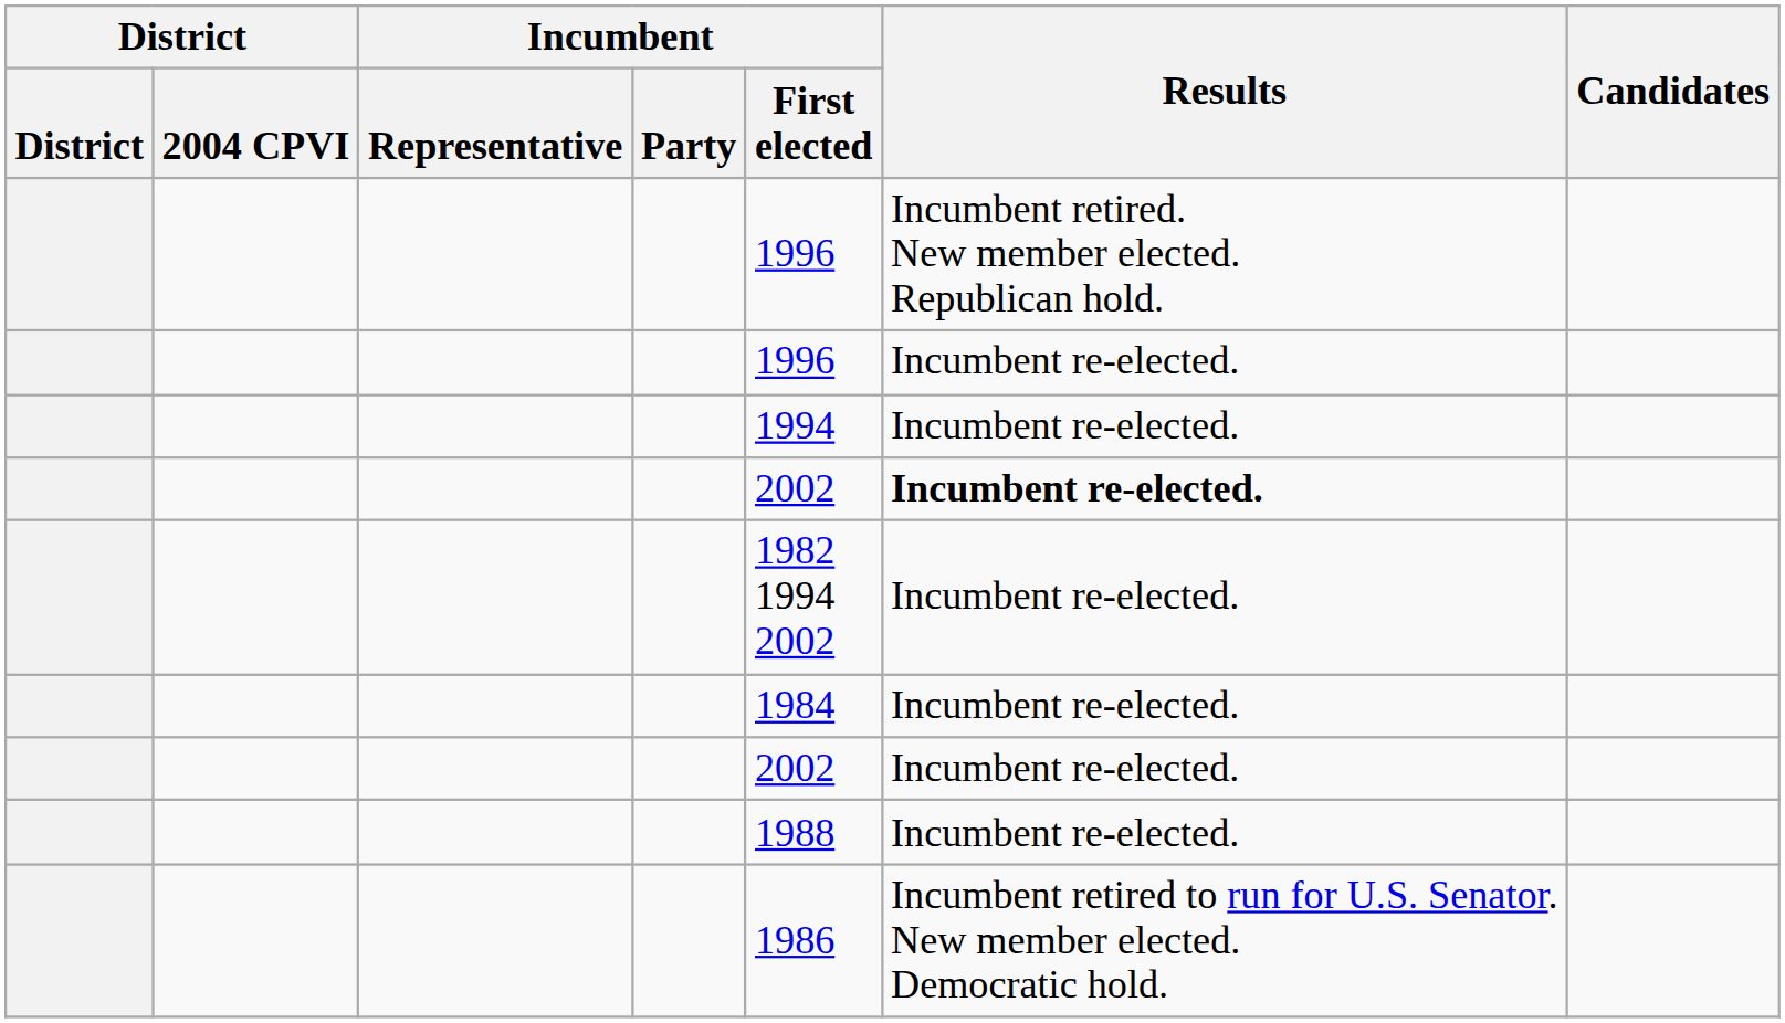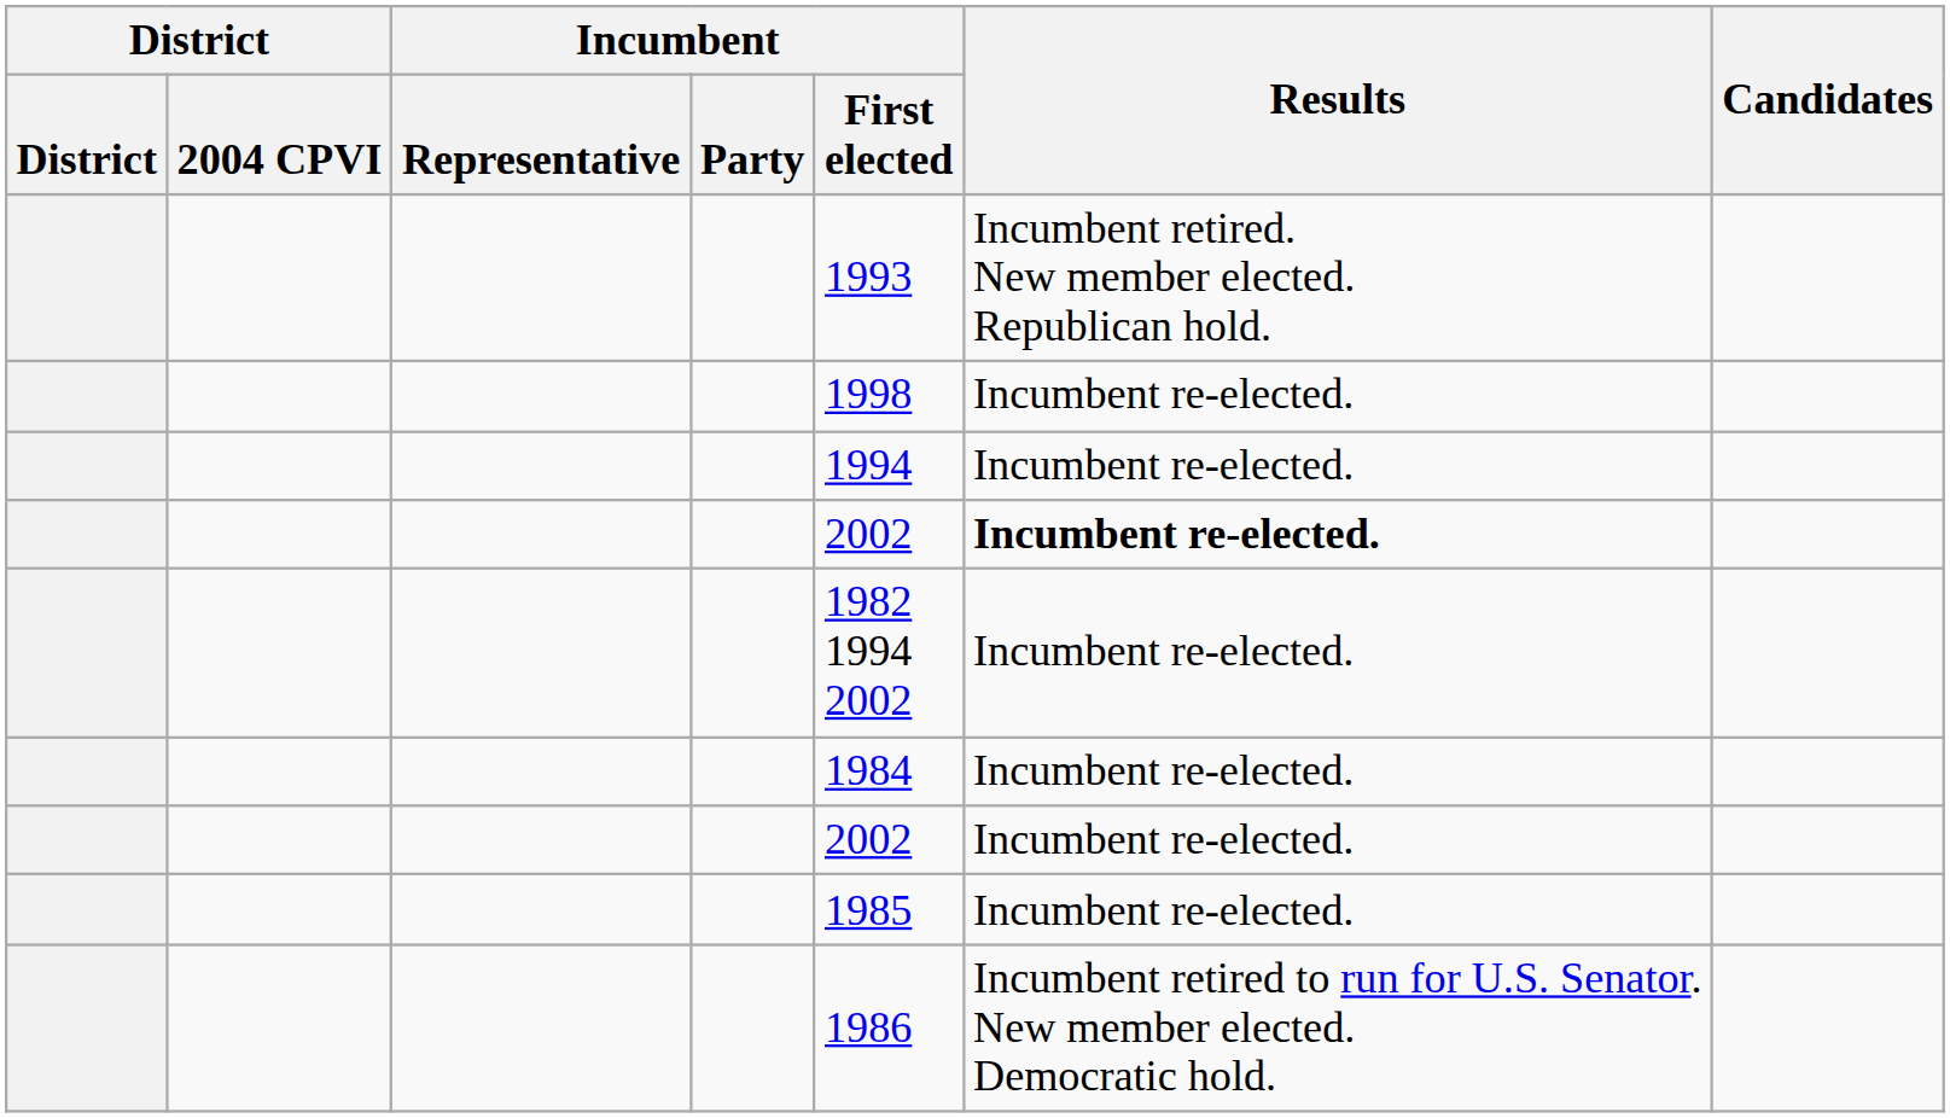 <table class="wikitable sortable">
 <tr>
 <th colspan=2>District</th>
 <th colspan=3>Incumbent</th>
 <th rowspan=2>Results</th>
 <th rowspan=2>Candidates</th>
 </tr>
 <tr valign=bottom>
 <th>District</th>
 <th>2004 CPVI</th>
 <th>Representative</th>
 <th>Party</th>
 <th>First<br>elected</th>
 </tr>
 <tr>
 <th></th>
 <td></td>
 <td></td>
 <td></td>
-<td><a href='#'>1996</a></td>
+<td><a href='#'>1993</a></td>
 <td>Incumbent retired.<br>New member elected.<br>Republican hold.</td>
 <td nowrap><br></td>
 </tr>
 <tr>
 <th></th>
 <td></td>
 <td></td>
 <td></td>
-<td><a href='#'>1996</a></td>
+<td><a href='#'>1998</a></td>
 <td>Incumbent re-elected.</td>
 <td nowrap></td>
 </tr>
 <tr>
 <th></th>
 <td></td>
 <td></td>
 <td></td>
 <td><a href='#'>1994</a></td>
 <td>Incumbent re-elected.</td>
 <td nowrap></td>
 </tr>
 <tr>
 <th></th>
 <td></td>
 <td></td>
 <td></td>
 <td><a href='#'>2002</a></td>
 <td><strong>Incumbent re-elected.</strong></td>
 <td nowrap></td>
 </tr>
 <tr>
 <th></th>
 <td></td>
 <td></td>
 <td></td>
 <td><a href='#'>1982</a><br>1994 <br><a href='#'>2002</a></td>
 <td>Incumbent re-elected.</td>
 <td nowrap></td>
 </tr>
 <tr>
 <th></th>
 <td></td>
 <td></td>
 <td></td>
 <td><a href='#'>1984</a></td>
 <td>Incumbent re-elected.</td>
 <td nowrap></td>
 </tr>
 <tr>
 <th></th>
 <td></td>
 <td></td>
 <td></td>
 <td><a href='#'>2002</a></td>
 <td>Incumbent re-elected.</td>
 <td nowrap><br></td>
 </tr>
 <tr>
 <th></th>
 <td></td>
 <td></td>
 <td></td>
-<td><a href='#'>1988</a></td>
+<td><a href='#'>1985</a></td>
 <td>Incumbent re-elected.</td>
 <td nowrap></td>
 </tr>
 <tr>
 <th></th>
 <td></td>
 <td></td>
 <td></td>
 <td><a href='#'>1986</a></td>
 <td>Incumbent retired to <a href='#'>run for U.S. Senator</a>.<br>New member elected.<br>Democratic hold.</td>
 <td nowrap></td>
 </tr>
 </table>
